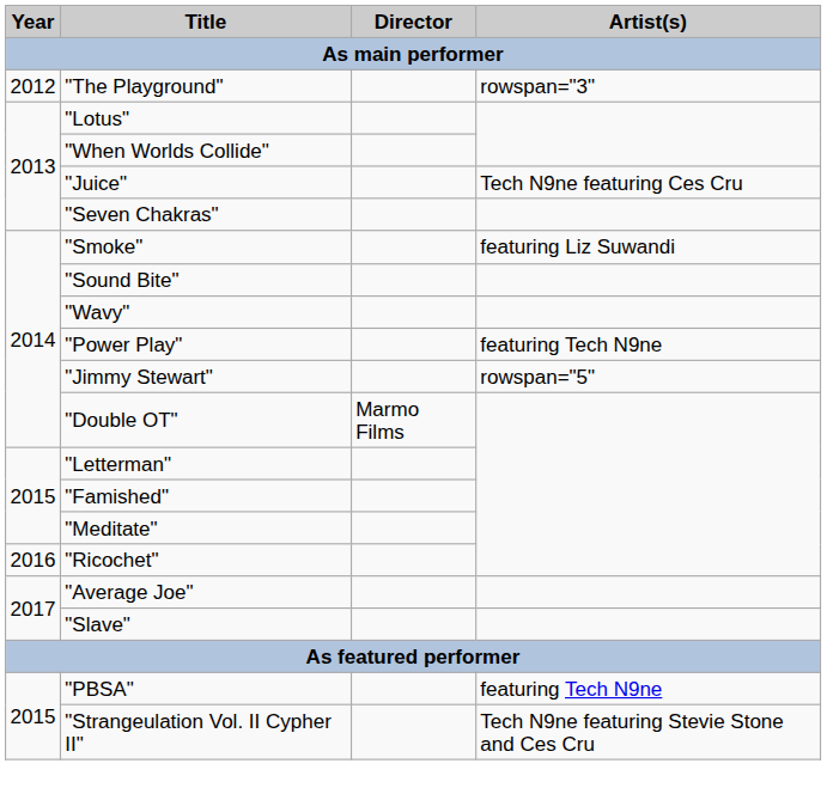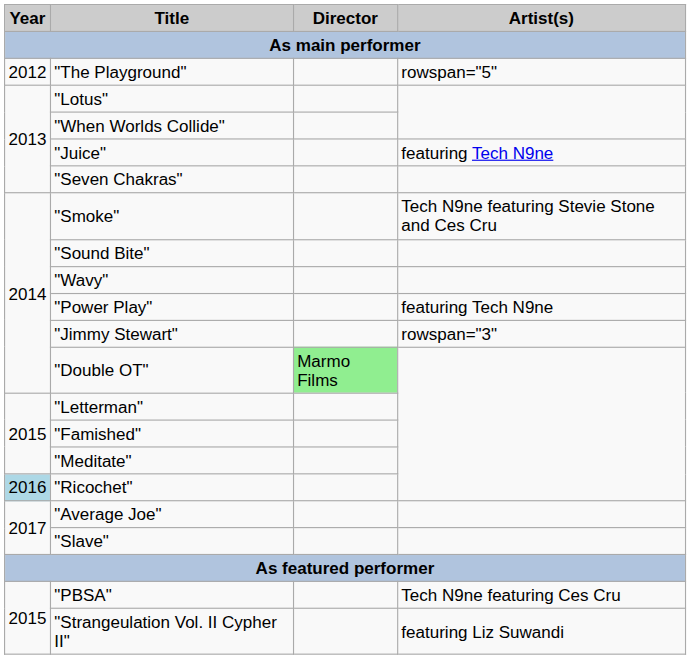 <table class="wikitable" style="font-size:95%">
 <tr>
 <th style="background:#ccc;">Year</th>
 <th style="background:#ccc;">Title</th>
 <th style="background:#ccc;">Director</th>
 <th style="background:#ccc;width:250px">Artist(s)</th>
 </tr>
 <tr style="text-align:center;">
 <th colspan="4" style="background:#B0C4DE;">As main performer</th>
 </tr>
 <tr>
 <td style="text-align:center;">2012</td>
 <td>"The Playground"</td>
 <td></td>
-<td>rowspan="3" </td>
+<td>rowspan="5" </td>
 </tr>
 <tr>
 <td rowspan="4" style="text-align:center;">2013</td>
 <td>"Lotus"</td>
 <td></td>
 </tr>
 <tr>
 <td>"When Worlds Collide"</td>
 <td></td>
 </tr>
 <tr>
 <td>"Juice"</td>
 <td></td>
-<td>Tech N9ne featuring Ces Cru</td>
+<td>featuring <a href='#'>Tech N9ne</a></td>
 </tr>
 <tr>
 <td>"Seven Chakras"</td>
 <td></td>
 <td></td>
 </tr>
 <tr>
 <td rowspan="6" style="text-align:center;">2014</td>
 <td>"Smoke"</td>
 <td></td>
-<td>featuring Liz Suwandi</td>
+<td>Tech N9ne featuring Stevie Stone and Ces Cru</td>
 </tr>
 <tr>
 <td>"Sound Bite"</td>
 <td></td>
 <td></td>
 </tr>
 <tr>
 <td>"Wavy"</td>
 <td></td>
 <td></td>
 </tr>
 <tr>
 <td>"Power Play"</td>
 <td></td>
 <td>featuring Tech N9ne</td>
 </tr>
 <tr>
 <td>"Jimmy Stewart"</td>
 <td></td>
-<td>rowspan="5" </td>
+<td>rowspan="3" </td>
 </tr>
 <tr>
 <td>"Double OT"</td>
-<td>Marmo Films</td>
+<td style="background: lightgreen;">Marmo Films</td>
 </tr>
 <tr>
 <td rowspan="3" style="text-align:center;">2015</td>
 <td>"Letterman"</td>
 <td></td>
 </tr>
 <tr>
 <td>"Famished"</td>
 <td></td>
 </tr>
 <tr>
 <td>"Meditate"</td>
 <td></td>
 </tr>
 <tr>
-<td style="text-align:center;">2016</td>
+<td style="background: lightblue; text-align:center;">2016</td>
 <td>"Ricochet"</td>
 <td></td>
 </tr>
 <tr>
 <td rowspan="2">2017</td>
 <td>"Average Joe"</td>
 <td></td>
 <td></td>
 </tr>
 <tr>
 <td>"Slave"</td>
 <td></td>
 <td></td>
 </tr>
 <tr>
 <th colspan="4" style="background:#B0C4DE;">As featured performer</th>
 </tr>
 <tr>
 <td rowspan="2" style="text-align:center;">2015</td>
 <td>"PBSA"</td>
 <td></td>
-<td>featuring <a href='#'>Tech N9ne</a></td>
+<td>Tech N9ne featuring Ces Cru</td>
 </tr>
 <tr>
 <td>"Strangeulation Vol. II Cypher II"</td>
 <td></td>
-<td>Tech N9ne featuring Stevie Stone and Ces Cru</td>
+<td>featuring Liz Suwandi</td>
 </tr>
 </table>
